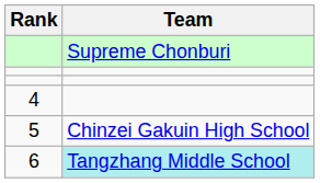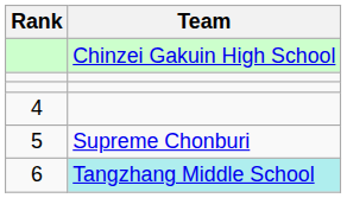 <table class="wikitable" style="text-align: center;">
 <tr>
 <th width=40>Rank</th>
 <th>Team</th>
 </tr>
 <tr bgcolor=#ccffcc>
 <td></td>
-<td align=left> <a href='#'>Supreme Chonburi</a></td>
+<td align=left> <a href='#'>Chinzei Gakuin High School</a></td>
 </tr>
 <tr>
 <td></td>
 <td align=left></td>
 </tr>
 <tr>
 <td></td>
 <td align=left></td>
 </tr>
 <tr>
 <td>4</td>
 <td align=left></td>
 </tr>
 <tr>
 <td>5</td>
-<td align=left> <a href='#'>Chinzei Gakuin High School</a></td>
+<td align=left> <a href='#'>Supreme Chonburi</a></td>
 </tr>
 <tr>
 <td>6</td>
 <td align=left style="background: paleturquoise;"> <a href='#'>Tangzhang Middle School</a></td>
 </tr>
 </table>
